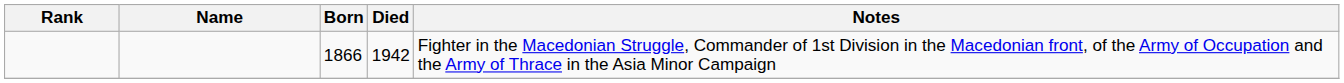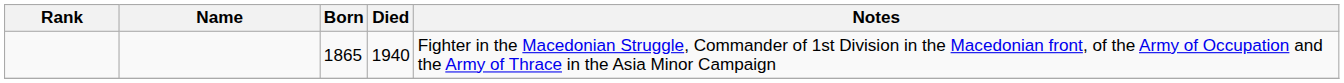 <table class="wikitable sortable">
 <tr>
 <th width="100">Rank</th>
 <th width="180">Name</th>
 <th width="30">Born</th>
 <th width="30">Died</th>
 <th>Notes</th>
 </tr>
 <tr>
 <td></td>
 <td></td>
-<td>1866</td>
-<td>1942</td>
+<td>1865</td>
+<td>1940</td>
 <td>Fighter in the <a href='#'>Macedonian Struggle</a>, Commander of 1st Division in the <a href='#'>Macedonian front</a>, of the <a href='#'>Army of Occupation</a> and the <a href='#'>Army of Thrace</a> in the Asia Minor Campaign</td>
 </tr>
 <tr>
 </tr>
 </table>
